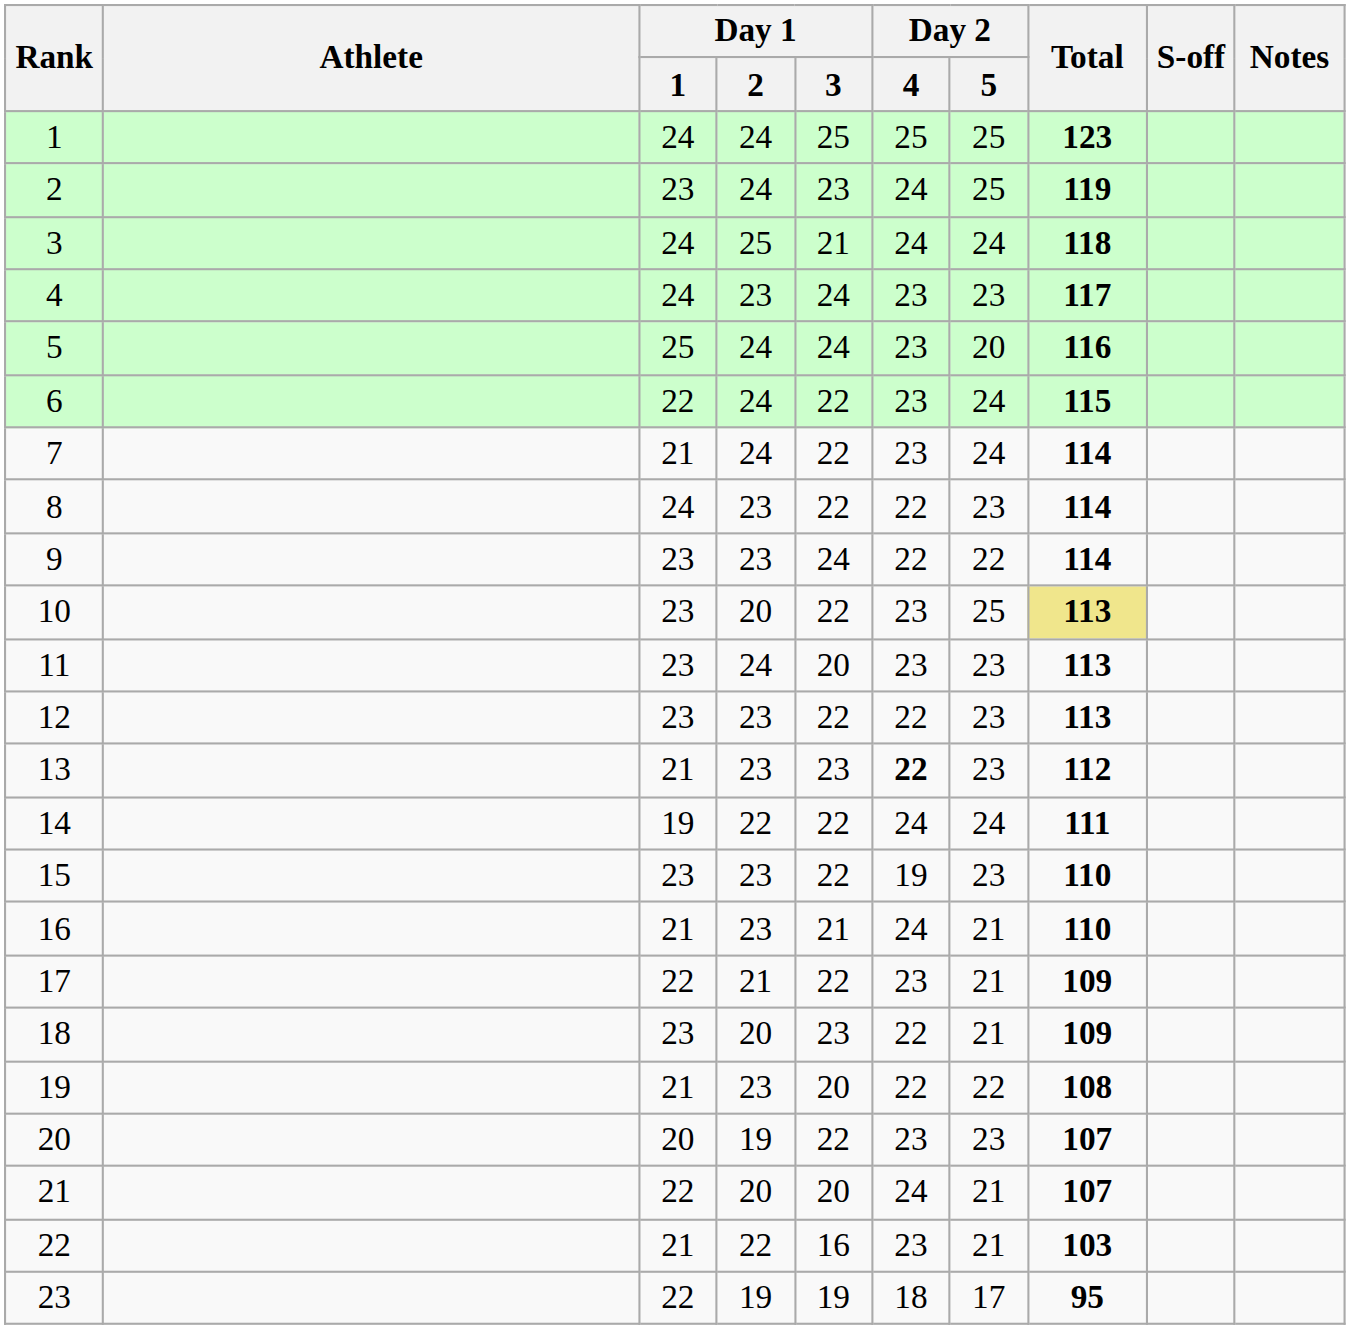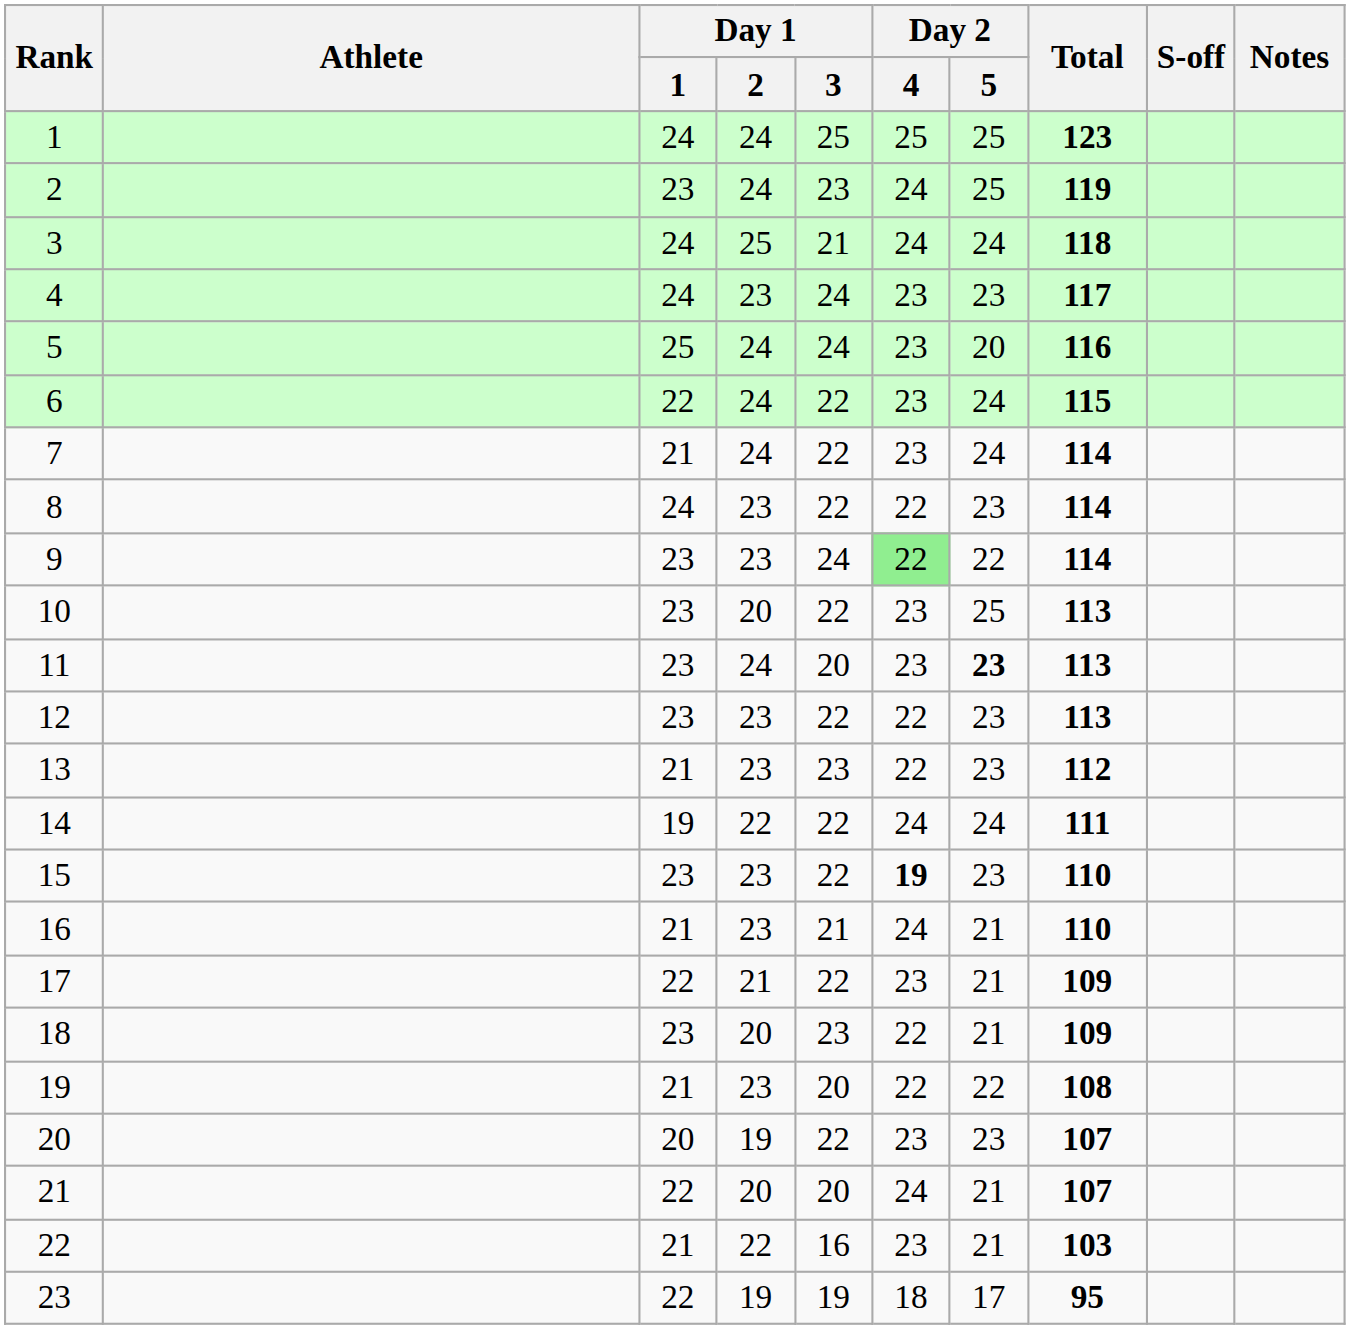 <table class="wikitable" style="text-align:center">
 <tr>
 <th rowspan=2 width=40>Rank</th>
 <th rowspan=2 width=250>Athlete</th>
 <th colspan=3>Day 1</th>
 <th colspan=2>Day 2</th>
 <th rowspan=2 width=50>Total</th>
 <th rowspan=2 width=35>S-off</th>
 <th rowspan=2 width=45>Notes</th>
 </tr>
 <tr>
 <th width=30>1</th>
 <th width=30>2</th>
 <th width=30>3</th>
 <th width=30>4</th>
 <th width=30>5</th>
 </tr>
 <tr bgcolor=ccffcc>
 <td>1</td>
 <td align=left></td>
 <td>24</td>
 <td>24</td>
 <td>25</td>
 <td>25</td>
 <td>25</td>
 <td><strong>123</strong></td>
 <td></td>
 <td></td>
 </tr>
 <tr bgcolor=ccffcc>
 <td>2</td>
 <td align=left></td>
 <td>23</td>
 <td>24</td>
 <td>23</td>
 <td>24</td>
 <td>25</td>
 <td><strong>119</strong></td>
 <td></td>
 <td></td>
 </tr>
 <tr bgcolor=ccffcc>
 <td>3</td>
 <td align=left></td>
 <td>24</td>
 <td>25</td>
 <td>21</td>
 <td>24</td>
 <td>24</td>
 <td><strong>118</strong></td>
 <td></td>
 <td></td>
 </tr>
 <tr bgcolor=ccffcc>
 <td>4</td>
 <td align=left></td>
 <td>24</td>
 <td>23</td>
 <td>24</td>
 <td>23</td>
 <td>23</td>
 <td><strong>117</strong></td>
 <td></td>
 <td></td>
 </tr>
 <tr bgcolor=ccffcc>
 <td>5</td>
 <td align=left></td>
 <td>25</td>
 <td>24</td>
 <td>24</td>
 <td>23</td>
 <td>20</td>
 <td><strong>116</strong></td>
 <td></td>
 <td></td>
 </tr>
 <tr bgcolor=ccffcc>
 <td>6</td>
 <td align=left></td>
 <td>22</td>
 <td>24</td>
 <td>22</td>
 <td>23</td>
 <td>24</td>
 <td><strong>115</strong></td>
 <td></td>
 <td></td>
 </tr>
 <tr>
 <td>7</td>
 <td align=left></td>
 <td>21</td>
 <td>24</td>
 <td>22</td>
 <td>23</td>
 <td>24</td>
 <td><strong>114</strong></td>
 <td></td>
 <td></td>
 </tr>
 <tr>
 <td>8</td>
 <td align=left></td>
 <td>24</td>
 <td>23</td>
 <td>22</td>
 <td>22</td>
 <td>23</td>
 <td><strong>114</strong></td>
 <td></td>
 <td></td>
 </tr>
 <tr>
 <td>9</td>
 <td align=left></td>
 <td>23</td>
 <td>23</td>
 <td>24</td>
-<td>22</td>
+<td style="background: lightgreen;">22</td>
 <td>22</td>
 <td><strong>114</strong></td>
 <td></td>
 <td></td>
 </tr>
 <tr>
 <td>10</td>
 <td align=left></td>
 <td>23</td>
 <td>20</td>
 <td>22</td>
 <td>23</td>
 <td>25</td>
-<td style="background: khaki;"><strong>113</strong></td>
+<td><strong>113</strong></td>
 <td></td>
 <td></td>
 </tr>
 <tr>
 <td>11</td>
 <td align=left></td>
 <td>23</td>
 <td>24</td>
 <td>20</td>
 <td>23</td>
-<td>23</td>
+<td><strong>23</strong></td>
 <td><strong>113</strong></td>
 <td></td>
 <td></td>
 </tr>
 <tr>
 <td>12</td>
 <td align=left></td>
 <td>23</td>
 <td>23</td>
 <td>22</td>
 <td>22</td>
 <td>23</td>
 <td><strong>113</strong></td>
 <td></td>
 <td></td>
 </tr>
 <tr>
 <td>13</td>
 <td align=left></td>
 <td>21</td>
 <td>23</td>
 <td>23</td>
-<td><strong>22</strong></td>
+<td>22</td>
 <td>23</td>
 <td><strong>112</strong></td>
 <td></td>
 <td></td>
 </tr>
 <tr>
 <td>14</td>
 <td align=left></td>
 <td>19</td>
 <td>22</td>
 <td>22</td>
 <td>24</td>
 <td>24</td>
 <td><strong>111</strong></td>
 <td></td>
 <td></td>
 </tr>
 <tr>
 <td>15</td>
 <td align=left></td>
 <td>23</td>
 <td>23</td>
 <td>22</td>
-<td>19</td>
+<td><strong>19</strong></td>
 <td>23</td>
 <td><strong>110</strong></td>
 <td></td>
 <td></td>
 </tr>
 <tr>
 <td>16</td>
 <td align=left></td>
 <td>21</td>
 <td>23</td>
 <td>21</td>
 <td>24</td>
 <td>21</td>
 <td><strong>110</strong></td>
 <td></td>
 <td></td>
 </tr>
 <tr>
 <td>17</td>
 <td align=left></td>
 <td>22</td>
 <td>21</td>
 <td>22</td>
 <td>23</td>
 <td>21</td>
 <td><strong>109</strong></td>
 <td></td>
 <td></td>
 </tr>
 <tr>
 <td>18</td>
 <td align=left></td>
 <td>23</td>
 <td>20</td>
 <td>23</td>
 <td>22</td>
 <td>21</td>
 <td><strong>109</strong></td>
 <td></td>
 <td></td>
 </tr>
 <tr>
 <td>19</td>
 <td align=left></td>
 <td>21</td>
 <td>23</td>
 <td>20</td>
 <td>22</td>
 <td>22</td>
 <td><strong>108</strong></td>
 <td></td>
 <td></td>
 </tr>
 <tr>
 <td>20</td>
 <td align=left></td>
 <td>20</td>
 <td>19</td>
 <td>22</td>
 <td>23</td>
 <td>23</td>
 <td><strong>107</strong></td>
 <td></td>
 <td></td>
 </tr>
 <tr>
 <td>21</td>
 <td align=left></td>
 <td>22</td>
 <td>20</td>
 <td>20</td>
 <td>24</td>
 <td>21</td>
 <td><strong>107</strong></td>
 <td></td>
 <td></td>
 </tr>
 <tr>
 <td>22</td>
 <td align=left></td>
 <td>21</td>
 <td>22</td>
 <td>16</td>
 <td>23</td>
 <td>21</td>
 <td><strong>103</strong></td>
 <td></td>
 <td></td>
 </tr>
 <tr>
 <td>23</td>
 <td align=left></td>
 <td>22</td>
 <td>19</td>
 <td>19</td>
 <td>18</td>
 <td>17</td>
 <td><strong>95</strong></td>
 <td></td>
 <td></td>
 </tr>
 </table>
